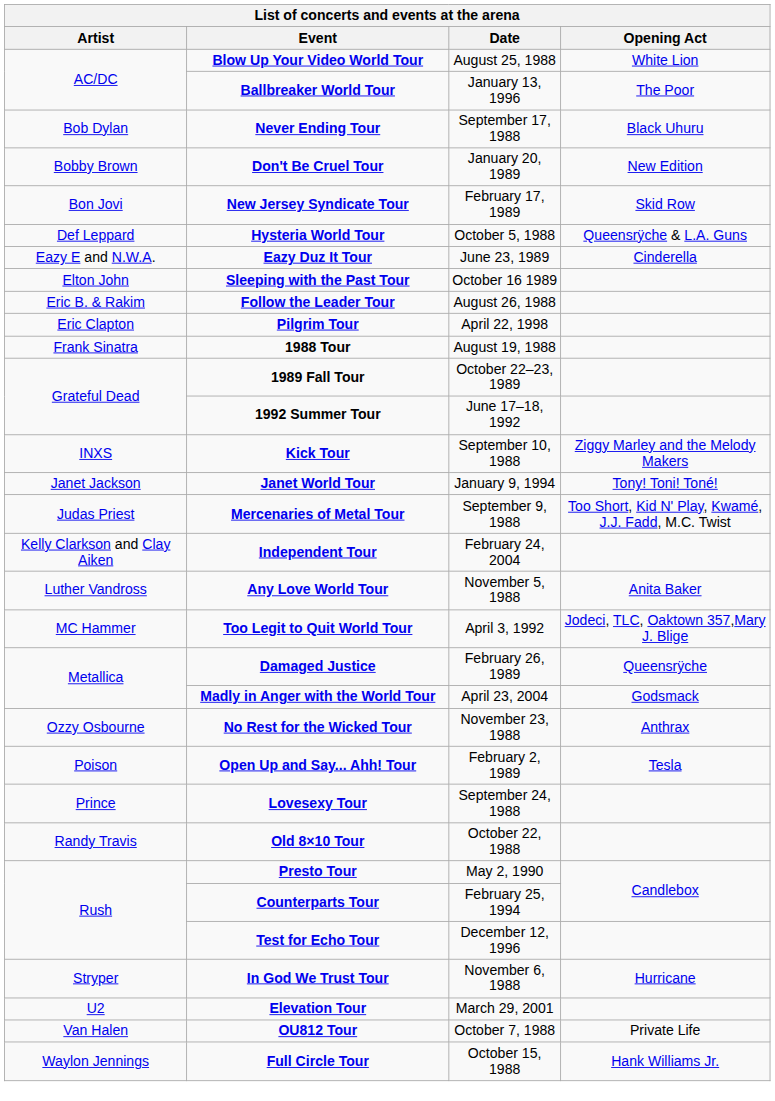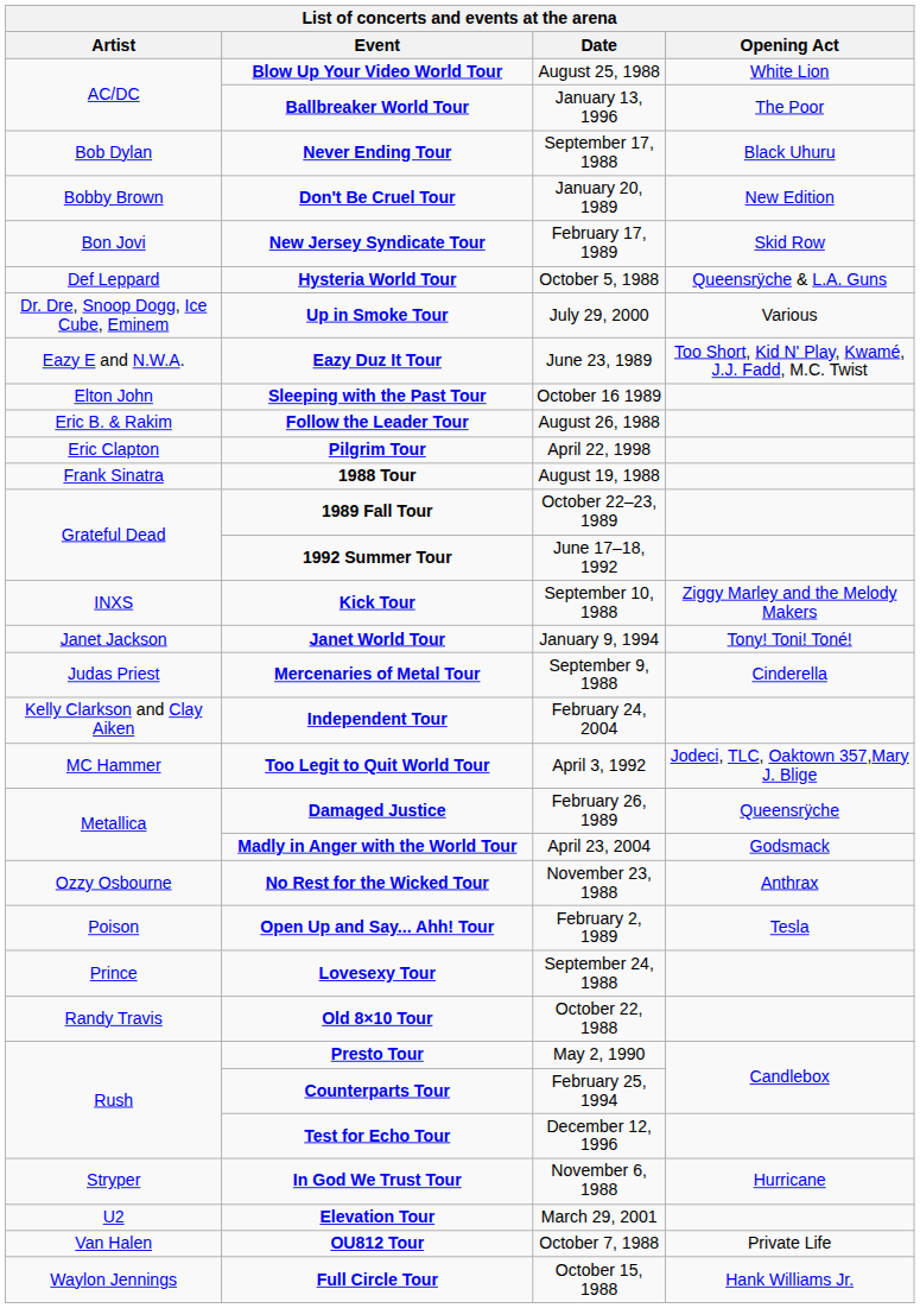 <table class="wikitable collapsible collapsed" style="text-align:center;">
 <tr>
 <th colspan="4">List of concerts and events at the arena</th>
 </tr>
 <tr bgcolor="#CCCCCC">
 <th width="200">Artist</th>
 <th width="290">Event</th>
 <th width="120">Date</th>
 <th width="230">Opening Act</th>
 </tr>
 <tr>
 <td rowspan="2"><a href='#'>AC/DC</a></td>
 <td><strong><a href='#'>Blow Up Your Video World Tour</a></strong></td>
 <td>August 25, 1988</td>
 <td><a href='#'>White Lion</a></td>
 </tr>
 <tr>
 <td><strong><a href='#'>Ballbreaker World Tour</a></strong></td>
 <td>January 13, 1996</td>
 <td><a href='#'>The Poor</a></td>
 </tr>
 <tr>
 <td><a href='#'>Bob Dylan</a></td>
 <td><strong><a href='#'>Never Ending Tour</a></strong></td>
 <td>September 17, 1988</td>
 <td><a href='#'>Black Uhuru</a></td>
 </tr>
 <tr>
 <td><a href='#'>Bobby Brown</a></td>
 <td><strong><a href='#'>Don't Be Cruel Tour</a></strong></td>
 <td>January 20, 1989</td>
 <td><a href='#'>New Edition</a></td>
 </tr>
 <tr>
 <td><a href='#'>Bon Jovi</a></td>
 <td><strong><a href='#'>New Jersey Syndicate Tour</a></strong></td>
 <td>February 17, 1989</td>
 <td><a href='#'>Skid Row</a></td>
 </tr>
 <tr>
 <td><a href='#'>Def Leppard</a></td>
 <td><strong><a href='#'>Hysteria World Tour</a></strong></td>
 <td>October 5, 1988</td>
 <td><a href='#'>Queensrÿche</a> & <a href='#'>L.A. Guns</a></td>
 </tr>
 <tr>
+<td><a href='#'>Dr. Dre</a>, <a href='#'>Snoop Dogg</a>, <a href='#'>Ice Cube</a>, <a href='#'>Eminem</a></td>
+<td><strong><a href='#'>Up in Smoke Tour</a></strong></td>
+<td>July 29, 2000</td>
+<td>Various</td>
+</tr>
+<tr>
 <td><a href='#'>Eazy E</a> and <a href='#'>N.W.A</a>.</td>
 <td><strong><a href='#'>Eazy Duz It Tour</a></strong></td>
 <td>June 23, 1989</td>
-<td><a href='#'>Cinderella</a></td>
+<td><a href='#'>Too Short</a>, <a href='#'>Kid N' Play</a>, <a href='#'>Kwamé</a>, <a href='#'>J.J. Fadd</a>, M.C. Twist</td>
 </tr>
 <tr>
 <td><a href='#'>Elton John</a></td>
 <td><strong><a href='#'>Sleeping with the Past Tour</a></strong></td>
 <td>October 16 1989</td>
 <td></td>
 </tr>
 <tr>
 <td><a href='#'>Eric B. & Rakim</a></td>
 <td><strong><a href='#'>Follow the Leader Tour</a></strong></td>
 <td>August 26, 1988</td>
 <td></td>
 </tr>
 <tr>
 <td><a href='#'>Eric Clapton</a></td>
 <td><strong><a href='#'>Pilgrim Tour</a></strong></td>
 <td>April 22, 1998</td>
 <td></td>
 </tr>
 <tr>
 <td><a href='#'>Frank Sinatra</a></td>
 <td><strong>1988 Tour</strong></td>
 <td>August 19, 1988</td>
 <td></td>
 </tr>
 <tr>
 <td rowspan="2"><a href='#'>Grateful Dead</a></td>
 <td><strong>1989 Fall Tour</strong></td>
 <td>October 22–23, 1989</td>
 <td></td>
 </tr>
 <tr>
 <td><strong>1992 Summer Tour</strong></td>
 <td>June 17–18, 1992</td>
 <td></td>
 </tr>
 <tr>
 <td><a href='#'>INXS</a></td>
 <td><strong><a href='#'>Kick Tour</a></strong></td>
 <td>September 10, 1988</td>
 <td><a href='#'>Ziggy Marley and the Melody Makers</a></td>
 </tr>
 <tr>
 <td><a href='#'>Janet Jackson</a></td>
 <td><strong><a href='#'>Janet World Tour</a></strong></td>
 <td>January 9, 1994</td>
 <td><a href='#'>Tony! Toni! Toné!</a></td>
 </tr>
 <tr>
 <td><a href='#'>Judas Priest</a></td>
 <td><strong><a href='#'>Mercenaries of Metal Tour</a></strong></td>
 <td>September 9, 1988</td>
-<td><a href='#'>Too Short</a>, <a href='#'>Kid N' Play</a>, <a href='#'>Kwamé</a>, <a href='#'>J.J. Fadd</a>, M.C. Twist</td>
+<td><a href='#'>Cinderella</a></td>
 </tr>
 <tr>
 <td><a href='#'>Kelly Clarkson</a> and <a href='#'>Clay Aiken</a></td>
 <td><strong><a href='#'>Independent Tour</a></strong></td>
 <td>February 24, 2004</td>
 <td></td>
-</tr>
-<tr>
-<td><a href='#'>Luther Vandross</a></td>
-<td><strong><a href='#'>Any Love World Tour</a></strong></td>
-<td>November 5, 1988</td>
-<td><a href='#'>Anita Baker</a></td>
 </tr>
 <tr>
 <td><a href='#'>MC Hammer</a></td>
 <td><strong><a href='#'>Too Legit to Quit World Tour</a></strong></td>
 <td>April 3, 1992</td>
 <td><a href='#'>Jodeci</a>, <a href='#'>TLC</a>, <a href='#'>Oaktown 357</a>,<a href='#'>Mary J. Blige</a></td>
 </tr>
 <tr>
 <td rowspan="2"><a href='#'>Metallica</a></td>
 <td><strong><a href='#'>Damaged Justice</a></strong></td>
 <td>February 26, 1989</td>
 <td><a href='#'>Queensrÿche</a></td>
 </tr>
 <tr>
 <td><strong><a href='#'>Madly in Anger with the World Tour</a></strong></td>
 <td>April 23, 2004</td>
 <td><a href='#'>Godsmack</a></td>
 </tr>
 <tr>
 <td><a href='#'>Ozzy Osbourne</a></td>
 <td><strong><a href='#'>No Rest for the Wicked Tour</a></strong></td>
 <td>November 23, 1988</td>
 <td><a href='#'>Anthrax</a></td>
 </tr>
 <tr>
 <td><a href='#'>Poison</a></td>
 <td><strong><a href='#'>Open Up and Say... Ahh! Tour</a></strong></td>
 <td>February 2, 1989</td>
 <td><a href='#'>Tesla</a></td>
 </tr>
 <tr>
 <td><a href='#'>Prince</a></td>
 <td><strong><a href='#'>Lovesexy Tour</a></strong></td>
 <td>September 24, 1988</td>
 <td></td>
 </tr>
 <tr>
 <td><a href='#'>Randy Travis</a></td>
 <td><strong><a href='#'>Old 8×10 Tour</a></strong></td>
 <td>October 22, 1988</td>
 <td></td>
 </tr>
 <tr>
 <td rowspan="3"><a href='#'>Rush</a></td>
 <td><strong><a href='#'>Presto Tour</a></strong></td>
 <td>May 2, 1990</td>
 <td rowspan="2"><a href='#'>Candlebox</a></td>
 </tr>
 <tr>
 <td><strong><a href='#'>Counterparts Tour</a></strong></td>
 <td>February 25, 1994</td>
 </tr>
 <tr>
 <td><strong><a href='#'>Test for Echo Tour</a></strong></td>
 <td>December 12, 1996</td>
 <td></td>
 </tr>
 <tr>
 <td><a href='#'>Stryper</a></td>
 <td><strong><a href='#'>In God We Trust Tour</a></strong></td>
 <td>November 6, 1988</td>
 <td><a href='#'>Hurricane</a></td>
 </tr>
 <tr>
 <td><a href='#'>U2</a></td>
 <td><strong><a href='#'>Elevation Tour</a></strong></td>
 <td>March 29, 2001</td>
 <td></td>
 </tr>
 <tr>
 <td><a href='#'>Van Halen</a></td>
 <td><strong><a href='#'>OU812 Tour</a></strong></td>
 <td>October 7, 1988</td>
 <td>Private Life</td>
 </tr>
 <tr>
 <td><a href='#'>Waylon Jennings</a></td>
 <td><strong><a href='#'>Full Circle Tour</a></strong></td>
 <td>October 15, 1988</td>
 <td><a href='#'>Hank Williams Jr.</a></td>
 </tr>
 </table>
